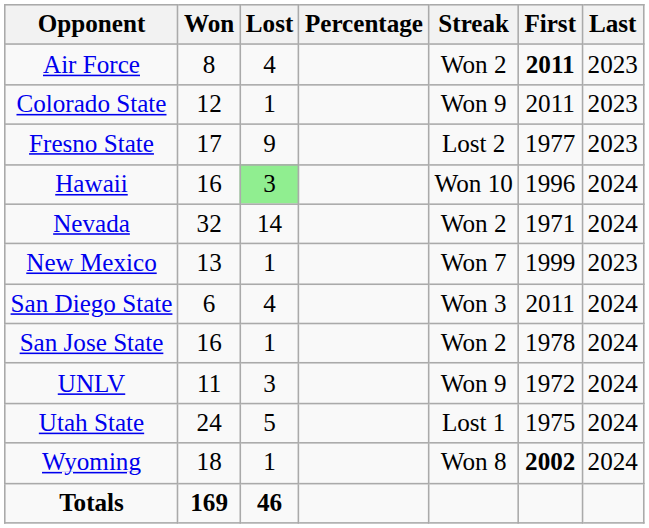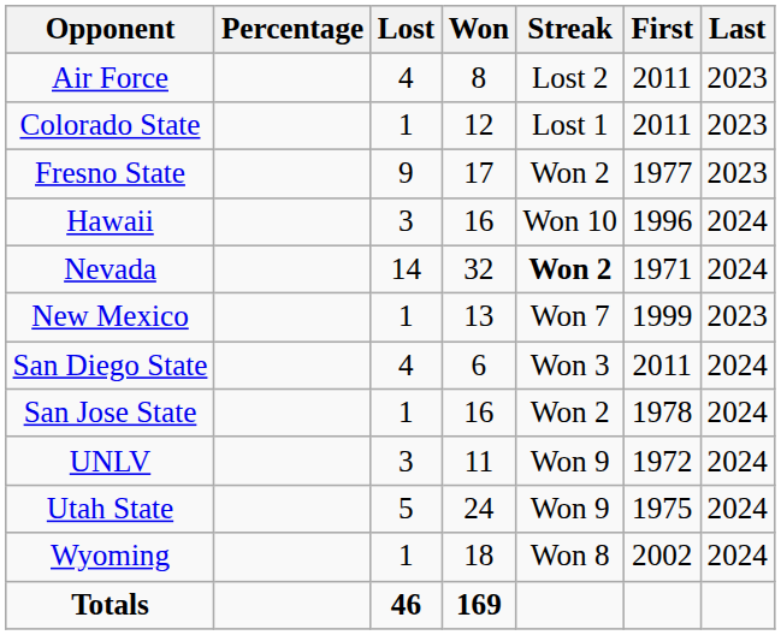 <table class="wikitable" style="text-align:center">
 <tr>
 <th>Opponent</th>
+<th>Percentage</th>
+<th>Lost</th>
 <th>Won</th>
-<th>Lost</th>
-<th>Percentage</th>
 <th>Streak</th>
 <th>First</th>
 <th>Last</th>
 </tr>
 <tr style="text-align:center;">
 <td><a href='#'>Air Force</a></td>
+<td></td>
+<td>4</td>
 <td>8</td>
-<td>4</td>
-<td></td>
-<td>Won 2</td>
-<td><strong>2011</strong></td>
+<td>Lost 2</td>
+<td>2011</td>
 <td>2023</td>
 </tr>
 <tr style="text-align:center;">
 <td><a href='#'>Colorado State</a></td>
+<td></td>
+<td>1</td>
 <td>12</td>
-<td>1</td>
-<td></td>
-<td>Won 9</td>
+<td>Lost 1</td>
 <td>2011</td>
 <td>2023</td>
 </tr>
 <tr style="text-align:center;">
 <td><a href='#'>Fresno State</a></td>
+<td></td>
+<td>9</td>
 <td>17</td>
-<td>9</td>
-<td></td>
-<td>Lost 2</td>
+<td>Won 2</td>
 <td>1977</td>
 <td>2023</td>
 </tr>
 <tr style="text-align:center;">
 <td><a href='#'>Hawaii</a></td>
+<td></td>
+<td>3</td>
 <td>16</td>
-<td style="background: lightgreen;">3</td>
-<td></td>
 <td>Won 10</td>
 <td>1996</td>
 <td>2024</td>
 </tr>
 <tr style="text-align:center;">
 <td><a href='#'>Nevada</a></td>
+<td></td>
+<td>14</td>
 <td>32</td>
-<td>14</td>
-<td></td>
-<td>Won 2</td>
+<td><strong>Won 2</strong></td>
 <td>1971</td>
 <td>2024</td>
 </tr>
 <tr style="text-align:center;">
 <td><a href='#'>New Mexico</a></td>
+<td></td>
+<td>1</td>
 <td>13</td>
-<td>1</td>
-<td></td>
 <td>Won 7</td>
 <td>1999</td>
 <td>2023</td>
 </tr>
 <tr style="text-align:center;">
 <td><a href='#'>San Diego State</a></td>
+<td></td>
+<td>4</td>
 <td>6</td>
-<td>4</td>
-<td></td>
 <td>Won 3</td>
 <td>2011</td>
 <td>2024</td>
 </tr>
 <tr style="text-align:center;">
 <td><a href='#'>San Jose State</a></td>
+<td></td>
+<td>1</td>
 <td>16</td>
-<td>1</td>
-<td></td>
 <td>Won 2</td>
 <td>1978</td>
 <td>2024</td>
 </tr>
 <tr style="text-align:center;">
 <td><a href='#'>UNLV</a></td>
+<td></td>
+<td>3</td>
 <td>11</td>
-<td>3</td>
-<td></td>
 <td>Won 9</td>
 <td>1972</td>
 <td>2024</td>
 </tr>
 <tr style="text-align:center;">
 <td><a href='#'>Utah State</a></td>
+<td></td>
+<td>5</td>
 <td>24</td>
-<td>5</td>
-<td></td>
-<td>Lost 1</td>
+<td>Won 9</td>
 <td>1975</td>
 <td>2024</td>
 </tr>
 <tr style="text-align:center;">
 <td><a href='#'>Wyoming</a></td>
+<td></td>
+<td>1</td>
 <td>18</td>
-<td>1</td>
-<td></td>
 <td>Won 8</td>
-<td><strong>2002</strong></td>
+<td>2002</td>
 <td>2024</td>
 </tr>
 <tr class="unsortable" style="text-align:center; ">
 <td><strong>Totals</strong></td>
+<td><strong></strong></td>
+<td><strong>46</strong></td>
 <td><strong>169</strong></td>
-<td><strong>46</strong></td>
-<td><strong></strong></td>
 <td></td>
 <td></td>
 <td></td>
 </tr>
 </table>
